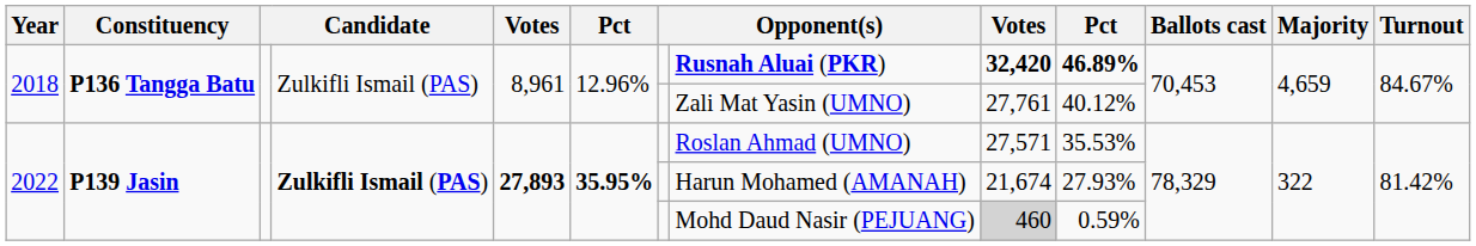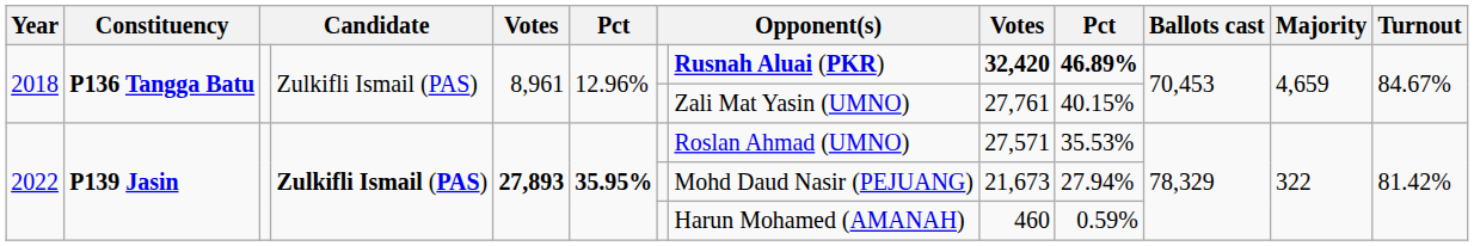 <table class="wikitable" style="margin:0.5em ; font-size:95%">
 <tr>
 <th>Year</th>
 <th>Constituency</th>
 <th colspan=2>Candidate</th>
 <th>Votes</th>
 <th>Pct</th>
 <th colspan=2>Opponent(s)</th>
 <th>Votes</th>
 <th>Pct</th>
 <th>Ballots cast</th>
 <th>Majority</th>
 <th>Turnout</th>
 </tr>
 <tr>
 <td rowspan=2><a href='#'>2018</a></td>
 <td rowspan=2><strong>P136 <a href='#'>Tangga Batu</a></strong></td>
 <td rowspan=2 ></td>
 <td rowspan=2>Zulkifli Ismail (<a href='#'>PAS</a>)</td>
 <td rowspan=2 align=right>8,961</td>
 <td rowspan=2>12.96%</td>
 <td></td>
 <td><strong><a href='#'>Rusnah Aluai</a></strong> (<a href='#'><strong>PKR</strong></a>)</td>
 <td align="right"><strong>32,420</strong></td>
 <td><strong>46.89%</strong></td>
 <td rowspan="2">70,453</td>
 <td rowspan="2">4,659</td>
 <td rowspan="2">84.67%</td>
 </tr>
 <tr>
 <td></td>
 <td>Zali Mat Yasin (<a href='#'>UMNO</a>)</td>
 <td align="right">27,761</td>
-<td>40.12%</td>
+<td>40.15%</td>
 </tr>
 <tr>
 <td rowspan=3><a href='#'>2022</a></td>
 <td rowspan=3><strong>P139 <a href='#'>Jasin</a></strong></td>
 <td rowspan=3 bgcolor=></td>
 <td rowspan=3><strong>Zulkifli Ismail</strong> (<a href='#'><strong>PAS</strong></a>)</td>
 <td rowspan=3 align="right"><strong>27,893</strong></td>
 <td rowspan=3><strong>35.95%</strong></td>
 <td></td>
 <td><a href='#'>Roslan Ahmad</a> (<a href='#'>UMNO</a>)</td>
 <td align="right">27,571</td>
 <td>35.53%</td>
 <td rowspan=3>78,329</td>
 <td rowspan=3>322</td>
 <td rowspan=3>81.42%</td>
 </tr>
 <tr>
 <td></td>
-<td>Harun Mohamed (<a href='#'>AMANAH</a>)</td>
-<td align="right">21,674</td>
-<td>27.93%</td>
+<td>Mohd Daud Nasir (<a href='#'>PEJUANG</a>)</td>
+<td align="right">21,673</td>
+<td>27.94%</td>
 </tr>
 <tr>
 <td bgcolor=></td>
-<td>Mohd Daud Nasir (<a href='#'>PEJUANG</a>)</td>
-<td align="right" style="background: lightgrey;">460</td>
+<td>Harun Mohamed (<a href='#'>AMANAH</a>)</td>
+<td align="right">460</td>
 <td align="right">0.59%</td>
 </tr>
 </table>
